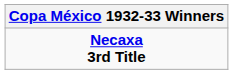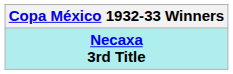 <table class="wikitable" style="text-align: center; margin: 0 auto;">
 <tr>
 <th><a href='#'>Copa México</a> 1932-33 Winners</th>
 </tr>
 <tr>
-<td><strong><a href='#'>Necaxa</a></strong><br><strong>3rd Title</strong></td>
+<td style="background: paleturquoise;"><strong><a href='#'>Necaxa</a></strong><br><strong>3rd Title</strong></td>
 </tr>
 </table>
